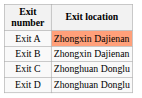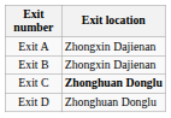 <table class="wikitable">
 <tr>
 <th style="width:70px" colspan="2">Exit number</th>
 <th>Exit location</th>
 </tr>
 <tr>
 <td align="center" colspan="2">Exit A</td>
-<td style="background: lightsalmon;">Zhongxin Dajienan</td>
+<td>Zhongxin Dajienan</td>
 </tr>
 <tr>
 <td align="center" colspan="2">Exit B</td>
 <td>Zhongxin Dajienan</td>
 </tr>
 <tr>
 <td align="center" colspan="2">Exit C</td>
-<td>Zhonghuan Donglu</td>
+<td><strong>Zhonghuan Donglu</strong></td>
 </tr>
 <tr>
 <td align="center" colspan="2">Exit D</td>
 <td>Zhonghuan Donglu</td>
 </tr>
 </table>
